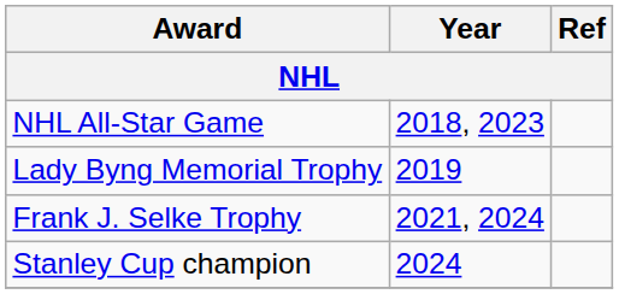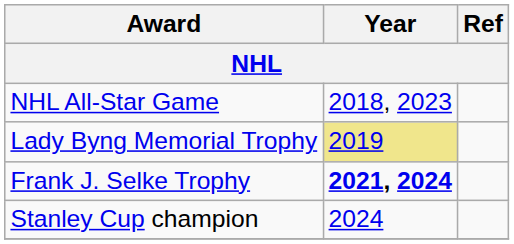 <table class="wikitable">
 <tr>
 <th>Award</th>
 <th>Year</th>
 <th>Ref</th>
 </tr>
 <tr>
 <th colspan="4"><a href='#'>NHL</a></th>
 </tr>
 <tr>
 <td><a href='#'>NHL All-Star Game</a></td>
 <td><a href='#'>2018</a>, <a href='#'>2023</a></td>
 <td></td>
 </tr>
 <tr>
 <td><a href='#'>Lady Byng Memorial Trophy</a></td>
-<td><a href='#'>2019</a></td>
+<td style="background: khaki;"><a href='#'>2019</a></td>
 <td></td>
 </tr>
 <tr>
 <td><a href='#'>Frank J. Selke Trophy</a></td>
-<td><a href='#'>2021</a>, <a href='#'>2024</a></td>
+<td><strong><a href='#'>2021</a>, <a href='#'>2024</a></strong></td>
 <td></td>
 </tr>
 <tr>
 <td><a href='#'>Stanley Cup</a> champion</td>
 <td><a href='#'>2024</a></td>
 <td></td>
 </tr>
 <tr>
 </tr>
 </table>
